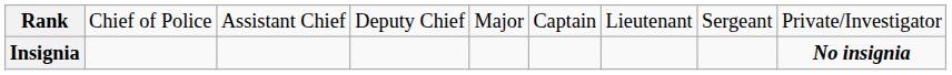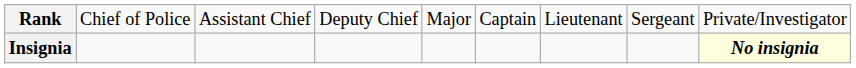 <table class="wikitable">
 <tr style="text-align:center;">
 <th>Rank</th>
 <td>Chief of Police</td>
 <td>Assistant Chief</td>
 <td>Deputy Chief</td>
 <td>Major</td>
 <td>Captain</td>
 <td>Lieutenant</td>
 <td>Sergeant</td>
 <td>Private/Investigator</td>
 </tr>
 <tr style="text-align:center;">
 <th>Insignia</th>
 <td></td>
 <td></td>
 <td></td>
 <td></td>
 <td></td>
 <td></td>
 <td></td>
-<td><strong><em>No insignia</em></strong></td>
+<td style="background: lightyellow;"><strong><em>No insignia</em></strong></td>
 </tr>
 </table>
